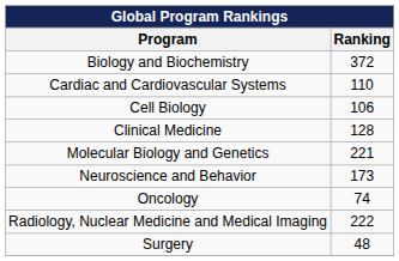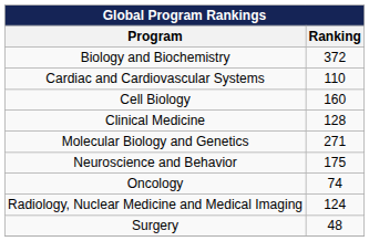 <table class="wikitable sortable collapsible collapsed" style="float:right; clear:right; text-align:center">
 <tr>
 <th colspan=4 style="background:#152456; color:#ffffff; ">Global Program Rankings</th>
 </tr>
 <tr>
 <th>Program</th>
 <th>Ranking</th>
 </tr>
 <tr>
 <td>Biology and Biochemistry</td>
 <td>372</td>
 </tr>
 <tr>
 <td>Cardiac and Cardiovascular Systems</td>
 <td>110</td>
 </tr>
 <tr>
 <td>Cell Biology</td>
-<td>106</td>
+<td>160</td>
 </tr>
 <tr>
 <td>Clinical Medicine</td>
 <td>128</td>
 </tr>
 <tr>
 <td>Molecular Biology and Genetics</td>
-<td>221</td>
+<td>271</td>
 </tr>
 <tr>
 <td>Neuroscience and Behavior</td>
-<td>173</td>
+<td>175</td>
 </tr>
 <tr>
 <td>Oncology</td>
 <td>74</td>
 </tr>
 <tr>
 <td>Radiology, Nuclear Medicine and Medical Imaging</td>
-<td>222</td>
+<td>124</td>
 </tr>
 <tr>
 <td>Surgery</td>
 <td>48</td>
 </tr>
 <tr>
 </tr>
 </table>
